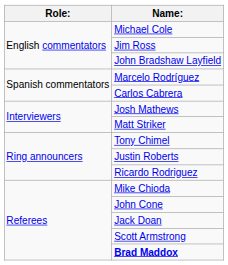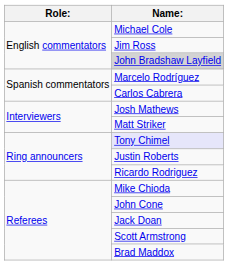 <table class=wikitable style="font-size:90%; margin: 0.5em 0 0.5em 1em; float: right; clear: right;">
 <tr>
 <th>Role:</th>
 <th>Name:</th>
 </tr>
 <tr>
 <td rowspan=3>English <a href='#'>commentators</a></td>
 <td><a href='#'>Michael Cole</a></td>
 </tr>
 <tr>
 <td><a href='#'>Jim Ross</a></td>
 </tr>
 <tr>
-<td><a href='#'>John Bradshaw Layfield</a></td>
+<td style="background: lightgrey;"><a href='#'>John Bradshaw Layfield</a></td>
 </tr>
 <tr>
 <td rowspan=2>Spanish commentators</td>
 <td><a href='#'>Marcelo Rodríguez</a></td>
 </tr>
 <tr>
 <td><a href='#'>Carlos Cabrera</a></td>
 </tr>
 <tr>
 <td rowspan=2><a href='#'>Interviewers</a></td>
 <td><a href='#'>Josh Mathews</a></td>
 </tr>
 <tr>
 <td><a href='#'>Matt Striker</a></td>
 </tr>
 <tr>
 <td rowspan=3><a href='#'>Ring announcers</a></td>
-<td><a href='#'>Tony Chimel</a></td>
+<td style="background: lavender;"><a href='#'>Tony Chimel</a></td>
 </tr>
 <tr>
 <td><a href='#'>Justin Roberts</a></td>
 </tr>
 <tr>
 <td><a href='#'>Ricardo Rodriguez</a> </td>
 </tr>
 <tr>
 <td rowspan=5><a href='#'>Referees</a></td>
 <td><a href='#'>Mike Chioda</a></td>
 </tr>
 <tr>
 <td><a href='#'>John Cone</a></td>
 </tr>
 <tr>
 <td><a href='#'>Jack Doan</a></td>
 </tr>
 <tr>
 <td><a href='#'>Scott Armstrong</a></td>
 </tr>
 <tr>
-<td><strong><a href='#'>Brad Maddox</a></strong></td>
+<td><a href='#'>Brad Maddox</a></td>
 </tr>
 </table>
